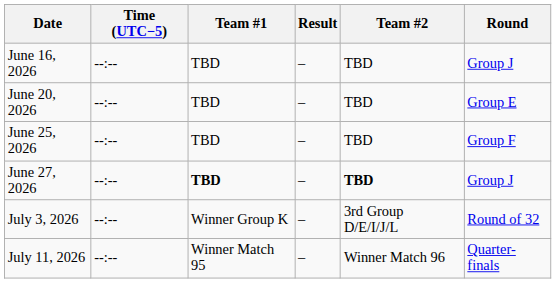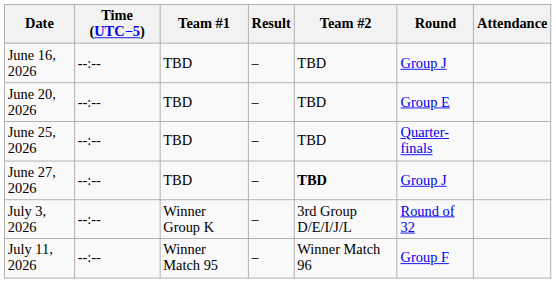 <table class="wikitable sortable">
 <tr>
 <th style="text-align:center;">Date</th>
 <th style="text-align:center;">Time (<a href='#'>UTC−5</a>)</th>
 <th style="text-align:center;">Team #1</th>
 <th style="text-align:center;">Result</th>
 <th style="text-align:center;">Team #2</th>
 <th style="text-align:center;">Round</th>
+<th>Attendance</th>
 </tr>
 <tr>
 <td>June 16, 2026</td>
 <td>--:--</td>
 <td>TBD</td>
 <td>–</td>
 <td>TBD</td>
 <td><a href='#'>Group J</a></td>
+<td></td>
 </tr>
 <tr>
 <td>June 20, 2026</td>
 <td>--:--</td>
 <td>TBD</td>
 <td>–</td>
 <td>TBD</td>
 <td><a href='#'>Group E</a></td>
+<td></td>
 </tr>
 <tr>
 <td>June 25, 2026</td>
 <td>--:--</td>
 <td>TBD</td>
 <td>–</td>
 <td>TBD</td>
-<td><a href='#'>Group F</a></td>
+<td><a href='#'>Quarter-finals</a></td>
+<td></td>
 </tr>
 <tr>
 <td>June 27, 2026</td>
 <td>--:--</td>
-<td><strong>TBD</strong></td>
+<td>TBD</td>
 <td>–</td>
 <td><strong>TBD</strong></td>
 <td><a href='#'>Group J</a></td>
+<td></td>
 </tr>
 <tr>
 <td>July 3, 2026</td>
 <td>--:--</td>
 <td>Winner Group K</td>
 <td>–</td>
 <td>3rd Group D/E/I/J/L</td>
 <td><a href='#'>Round of 32</a></td>
+<td></td>
 </tr>
 <tr>
 <td>July 11, 2026</td>
 <td>--:--</td>
 <td>Winner Match 95</td>
 <td>–</td>
 <td>Winner Match 96</td>
-<td><a href='#'>Quarter-finals</a></td>
+<td><a href='#'>Group F</a></td>
+<td></td>
 </tr>
 </table>
